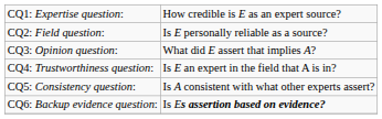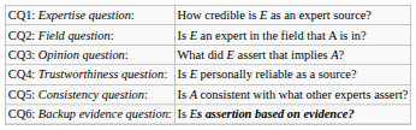 <table class="wikitable">
 <tr>
 <td>CQ1: <em>Expertise question</em>:</td>
 <td>How credible is <em>E </em>as an expert source?</td>
 </tr>
 <tr>
 <td>CQ2: <em>Field question</em>:</td>
-<td>Is <em>E</em> personally reliable as a source?</td>
+<td>Is <em>E</em> an expert in the field that A is in?</td>
 </tr>
 <tr>
 <td>CQ3: <em>Opinion question</em>:</td>
 <td>What did <em>E</em> assert that implies <em>A</em>?</td>
 </tr>
 <tr>
 <td>CQ4: <em>Trustworthiness question</em>:</td>
-<td>Is <em>E</em> an expert in the field that A is in?</td>
+<td>Is <em>E</em> personally reliable as a source?</td>
 </tr>
 <tr>
 <td>CQ5: <em>Consistency question</em>:</td>
 <td>Is <em>A </em>consistent with what other experts assert?</td>
 </tr>
 <tr>
 <td>CQ6: <em>Backup evidence question</em>:</td>
 <td>Is <em>E<strong>s assertion based on evidence?</td>
 </tr>
 <tr>
 </tr>
 </table>
